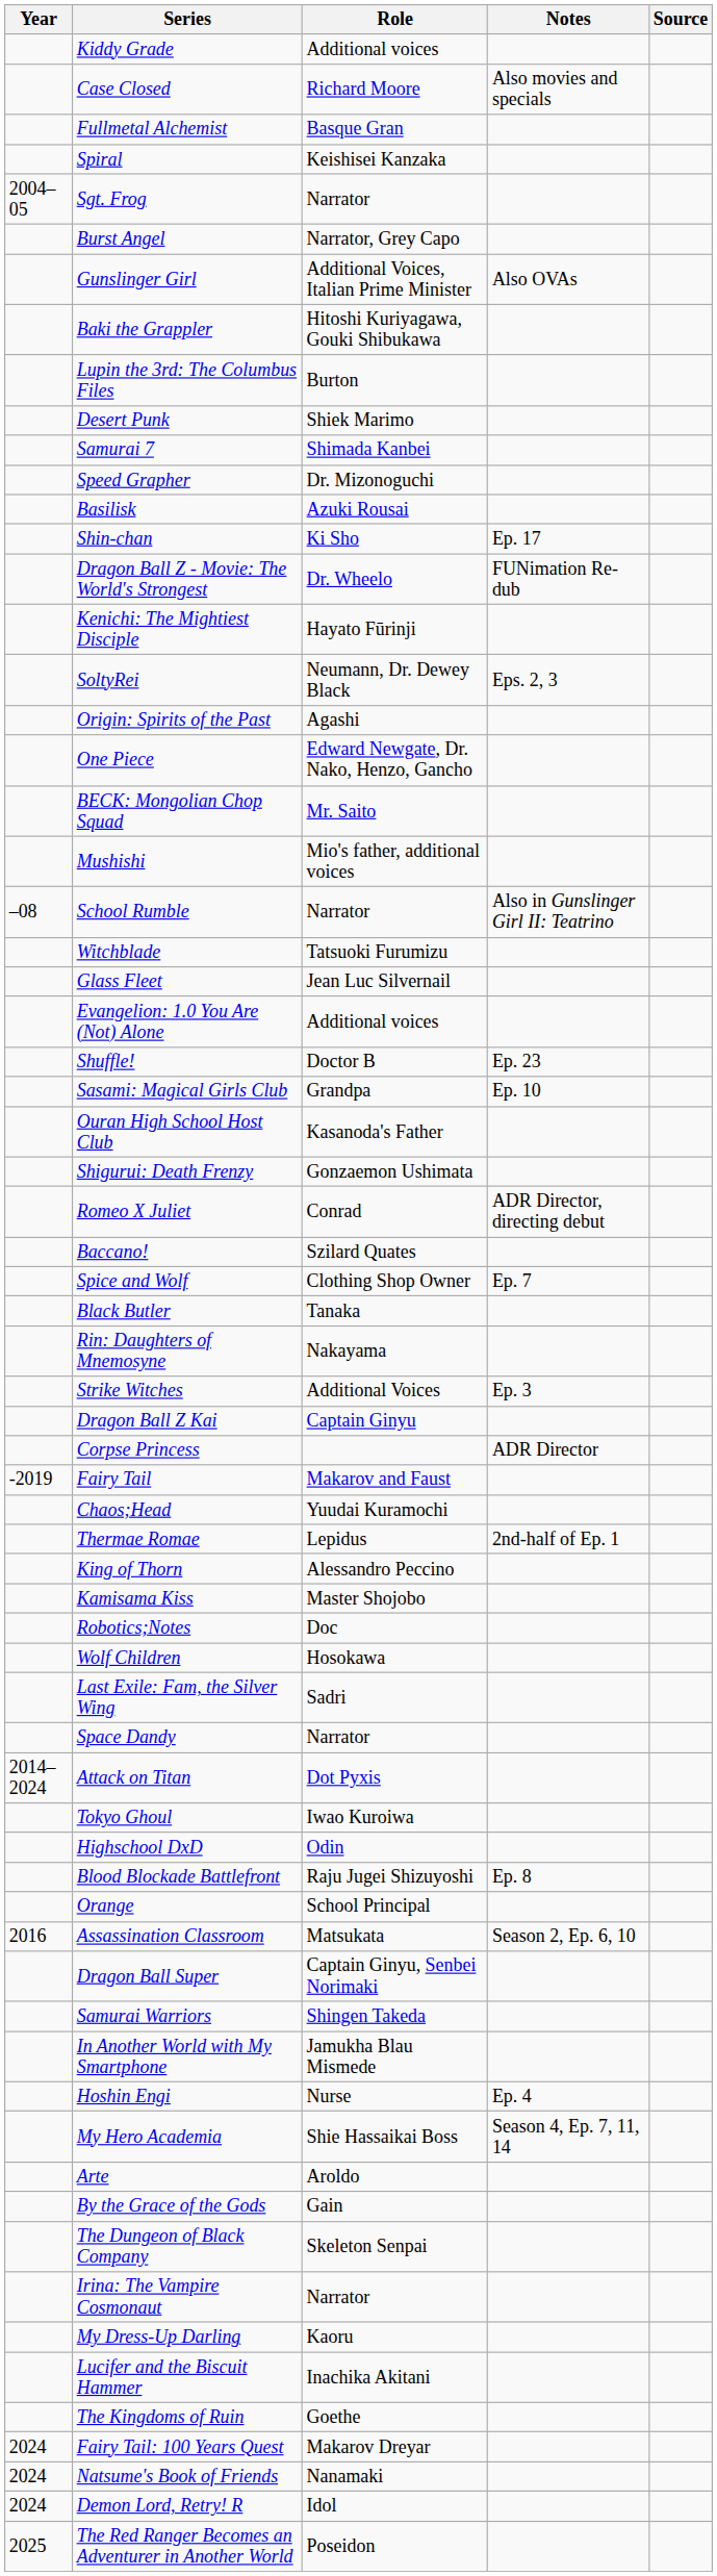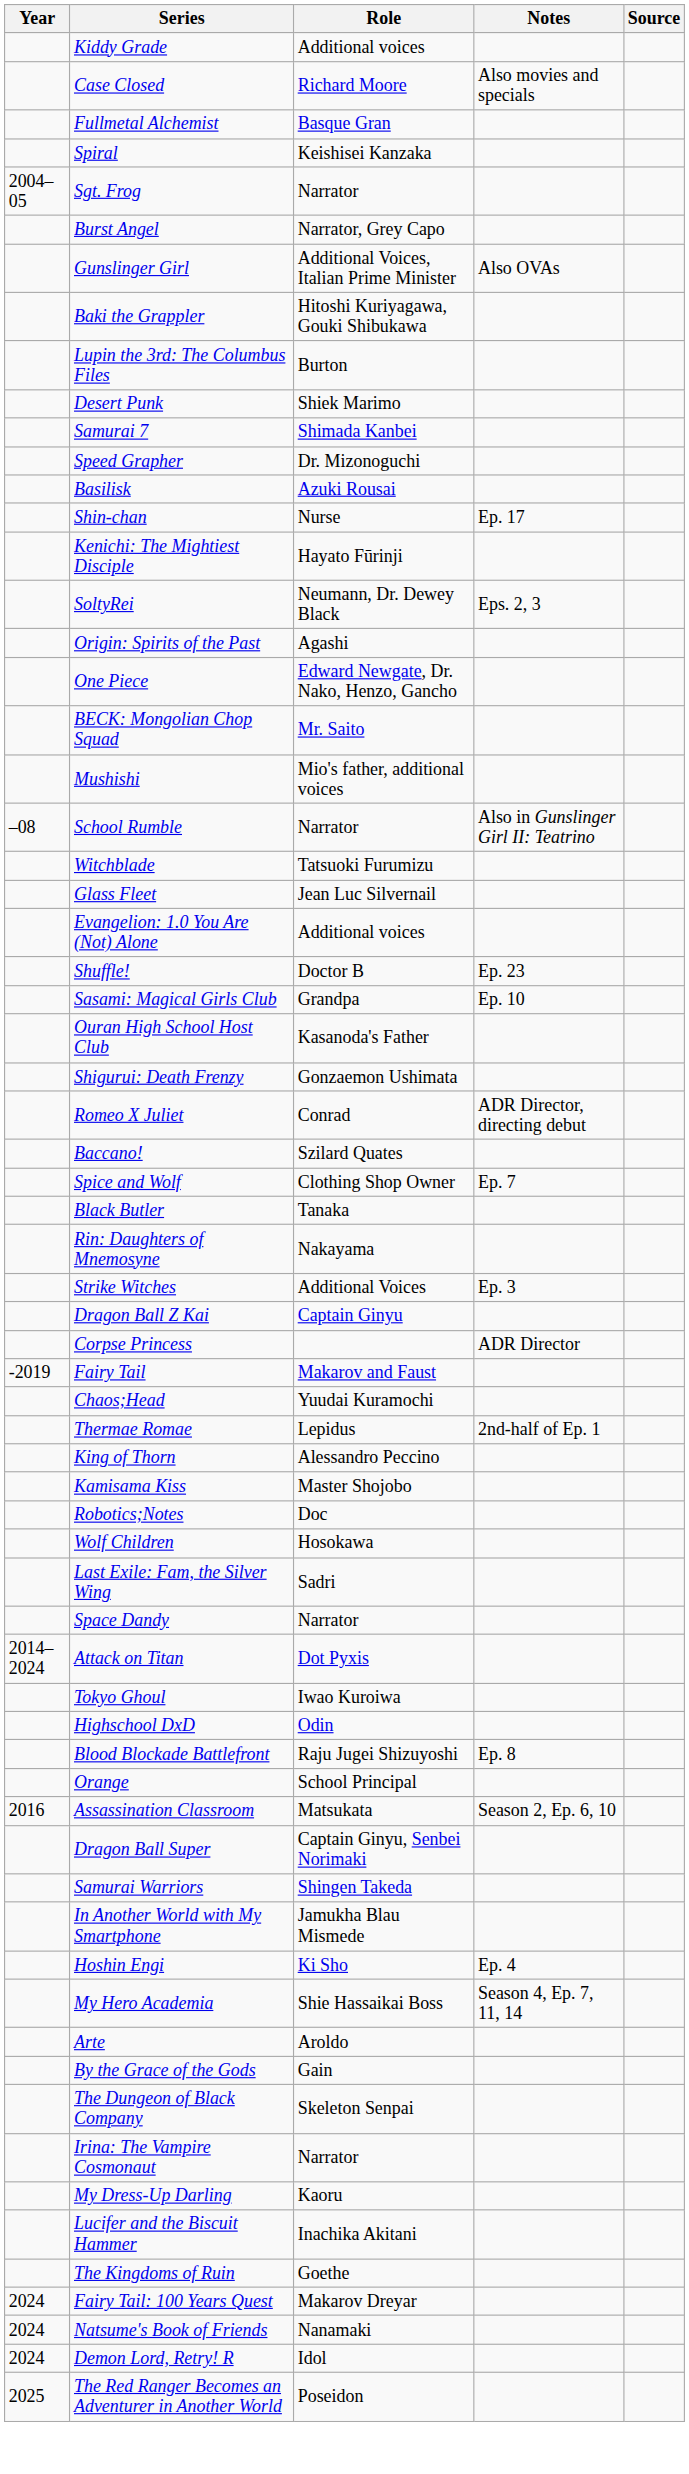 <table class="wikitable sortable plainrowheaders">
 <tr>
 <th>Year</th>
 <th>Series</th>
 <th>Role</th>
 <th class="unsortable">Notes</th>
 <th class="unsortable">Source</th>
 </tr>
 <tr>
 <td></td>
 <td><em><a href='#'>Kiddy Grade</a></em></td>
 <td>Additional voices</td>
 <td></td>
 <td></td>
 </tr>
 <tr>
 <td></td>
 <td><em><a href='#'>Case Closed</a></em></td>
 <td><a href='#'>Richard Moore</a></td>
 <td>Also movies and specials</td>
 <td></td>
 </tr>
 <tr>
 <td></td>
 <td><em><a href='#'>Fullmetal Alchemist</a></em></td>
 <td><a href='#'>Basque Gran</a></td>
 <td></td>
 <td></td>
 </tr>
 <tr>
 <td></td>
 <td><em><a href='#'>Spiral</a></em></td>
 <td>Keishisei Kanzaka</td>
 <td></td>
 <td></td>
 </tr>
 <tr>
 <td>2004–05</td>
 <td><em><a href='#'>Sgt. Frog</a></em></td>
 <td>Narrator</td>
 <td></td>
 <td></td>
 </tr>
 <tr>
 <td></td>
 <td><em><a href='#'>Burst Angel</a></em></td>
 <td>Narrator, Grey Capo</td>
 <td></td>
 </tr>
 <tr>
 <td></td>
 <td><em><a href='#'>Gunslinger Girl</a></em></td>
 <td>Additional Voices, Italian Prime Minister</td>
 <td>Also OVAs</td>
 <td></td>
 </tr>
 <tr>
 <td></td>
 <td><em><a href='#'>Baki the Grappler</a></em></td>
 <td>Hitoshi Kuriyagawa, Gouki Shibukawa</td>
 <td></td>
 <td></td>
 </tr>
 <tr>
 <td></td>
 <td><em><a href='#'>Lupin the 3rd: The Columbus Files</a></em></td>
 <td>Burton</td>
 <td></td>
 <td></td>
 </tr>
 <tr>
 <td></td>
 <td><em><a href='#'>Desert Punk</a></em></td>
 <td>Shiek Marimo</td>
 <td></td>
 <td></td>
 </tr>
 <tr>
 <td></td>
 <td><em><a href='#'>Samurai 7</a></em></td>
 <td><a href='#'>Shimada Kanbei</a></td>
 <td></td>
 <td></td>
 </tr>
 <tr>
 <td></td>
 <td><em><a href='#'>Speed Grapher</a></em></td>
 <td>Dr. Mizonoguchi</td>
 <td></td>
 <td></td>
 </tr>
 <tr>
 <td></td>
 <td><em><a href='#'>Basilisk</a></em></td>
 <td><a href='#'>Azuki Rousai</a></td>
 <td></td>
 <td></td>
 </tr>
 <tr>
 <td></td>
 <td><em><a href='#'>Shin-chan</a></em></td>
-<td><a href='#'>Ki Sho</a></td>
+<td>Nurse</td>
 <td>Ep. 17</td>
 <td><br></td>
-</tr>
-<tr>
-<td></td>
-<td><em><a href='#'>Dragon Ball Z - Movie: The World's Strongest</a></em></td>
-<td><a href='#'>Dr. Wheelo</a></td>
-<td>FUNimation Re-dub</td>
-<td></td>
 </tr>
 <tr>
 <td></td>
 <td><em><a href='#'>Kenichi: The Mightiest Disciple</a></em></td>
 <td>Hayato Fūrinji</td>
 <td></td>
 <td></td>
 </tr>
 <tr>
 <td></td>
 <td><em><a href='#'>SoltyRei</a></em></td>
 <td>Neumann, Dr. Dewey Black</td>
 <td>Eps. 2, 3</td>
 <td></td>
 </tr>
 <tr>
 <td></td>
 <td><em><a href='#'>Origin: Spirits of the Past</a></em></td>
 <td>Agashi</td>
 <td></td>
 <td></td>
 </tr>
 <tr>
 <td></td>
 <td><em><a href='#'>One Piece</a></em></td>
 <td><a href='#'>Edward Newgate</a>, Dr. Nako, Henzo, Gancho</td>
 <td></td>
 <td></td>
 </tr>
 <tr>
 <td></td>
 <td><em><a href='#'>BECK: Mongolian Chop Squad</a></em></td>
 <td><a href='#'>Mr. Saito</a></td>
 <td></td>
 <td></td>
 </tr>
 <tr>
 <td></td>
 <td><em><a href='#'>Mushishi</a></em></td>
 <td>Mio's father, additional voices</td>
 <td></td>
 <td></td>
 </tr>
 <tr>
 <td>–08</td>
 <td><em><a href='#'>School Rumble</a></em></td>
 <td>Narrator</td>
 <td>Also in <em>Gunslinger Girl II: Teatrino</em></td>
 <td></td>
 </tr>
 <tr>
 <td></td>
 <td><em><a href='#'>Witchblade</a></em></td>
 <td>Tatsuoki Furumizu</td>
 <td></td>
 <td></td>
 </tr>
 <tr>
 <td></td>
 <td><em><a href='#'>Glass Fleet</a></em></td>
 <td>Jean Luc Silvernail</td>
 <td></td>
 <td></td>
 </tr>
 <tr>
 <td></td>
 <td><em><a href='#'>Evangelion: 1.0 You Are (Not) Alone</a></em></td>
 <td>Additional voices</td>
 <td></td>
 <td></td>
 </tr>
 <tr>
 <td></td>
 <td><em><a href='#'>Shuffle!</a></em></td>
 <td>Doctor B</td>
 <td>Ep. 23</td>
 <td></td>
 </tr>
 <tr>
 <td></td>
 <td><em><a href='#'>Sasami: Magical Girls Club</a></em></td>
 <td>Grandpa</td>
 <td>Ep. 10</td>
 <td></td>
 </tr>
 <tr>
 <td></td>
 <td><em><a href='#'>Ouran High School Host Club</a></em></td>
 <td>Kasanoda's Father</td>
 <td></td>
 <td><br>  </td>
 </tr>
 <tr>
 <td></td>
 <td><em><a href='#'>Shigurui: Death Frenzy</a></em></td>
 <td>Gonzaemon Ushimata</td>
 <td></td>
 <td></td>
 </tr>
 <tr>
 <td></td>
 <td><em><a href='#'>Romeo X Juliet</a></em></td>
 <td>Conrad</td>
 <td>ADR Director, directing debut</td>
 <td></td>
 </tr>
 <tr>
 <td></td>
 <td><em><a href='#'>Baccano!</a></em></td>
 <td>Szilard Quates</td>
 <td></td>
 <td></td>
 </tr>
 <tr>
 <td></td>
 <td><em><a href='#'>Spice and Wolf</a></em></td>
 <td>Clothing Shop Owner</td>
 <td>Ep. 7</td>
 <td></td>
 </tr>
 <tr>
 <td></td>
 <td><em><a href='#'>Black Butler</a></em></td>
 <td>Tanaka</td>
 <td></td>
 <td></td>
 </tr>
 <tr>
 <td></td>
 <td><em><a href='#'>Rin: Daughters of Mnemosyne</a></em></td>
 <td>Nakayama</td>
 <td></td>
 <td></td>
 </tr>
 <tr>
 <td></td>
 <td><em><a href='#'>Strike Witches</a></em></td>
 <td>Additional Voices</td>
 <td>Ep. 3</td>
 <td></td>
 </tr>
 <tr>
 <td></td>
 <td><em><a href='#'>Dragon Ball Z Kai</a></em></td>
 <td><a href='#'>Captain Ginyu</a></td>
 <td></td>
 <td></td>
 </tr>
 <tr>
 <td></td>
 <td><em><a href='#'>Corpse Princess</a></em></td>
 <td></td>
 <td>ADR Director</td>
 <td></td>
 </tr>
 <tr>
 <td>-2019</td>
 <td><em><a href='#'>Fairy Tail</a></em></td>
 <td><a href='#'>Makarov and Faust</a></td>
 <td></td>
 <td></td>
 </tr>
 <tr>
 <td></td>
 <td><em><a href='#'>Chaos;Head</a></em></td>
 <td>Yuudai Kuramochi</td>
 <td></td>
 <td></td>
 </tr>
 <tr>
 <td></td>
 <td><em><a href='#'>Thermae Romae</a></em></td>
 <td>Lepidus</td>
 <td>2nd-half of Ep. 1</td>
 <td></td>
 </tr>
 <tr>
 <td></td>
 <td><em><a href='#'>King of Thorn</a></em></td>
 <td>Alessandro Peccino</td>
 <td></td>
 <td></td>
 </tr>
 <tr>
 <td></td>
 <td><em><a href='#'>Kamisama Kiss</a></em></td>
 <td>Master Shojobo</td>
 <td></td>
 <td></td>
 </tr>
 <tr>
 <td></td>
 <td><em><a href='#'>Robotics;Notes</a></em></td>
 <td>Doc</td>
 <td></td>
 <td></td>
 </tr>
 <tr>
 <td></td>
 <td><em><a href='#'>Wolf Children</a></em></td>
 <td>Hosokawa</td>
 <td></td>
 <td></td>
 </tr>
 <tr>
 <td></td>
 <td><em><a href='#'>Last Exile: Fam, the Silver Wing</a></em></td>
 <td>Sadri</td>
 <td></td>
 <td></td>
 </tr>
 <tr>
 <td></td>
 <td><em><a href='#'>Space Dandy</a></em></td>
 <td>Narrator</td>
 <td></td>
 <td></td>
 </tr>
 <tr>
 <td>2014–2024</td>
 <td><em><a href='#'>Attack on Titan</a></em></td>
 <td><a href='#'>Dot Pyxis</a></td>
 <td></td>
 <td></td>
 </tr>
 <tr>
 <td></td>
 <td><em><a href='#'>Tokyo Ghoul</a></em></td>
 <td>Iwao Kuroiwa</td>
 <td></td>
 <td></td>
 </tr>
 <tr>
 <td></td>
 <td><em><a href='#'>Highschool DxD</a></em></td>
 <td><a href='#'>Odin</a></td>
 <td></td>
 <td></td>
 </tr>
 <tr>
 <td></td>
 <td><em><a href='#'>Blood Blockade Battlefront</a></em></td>
 <td>Raju Jugei Shizuyoshi</td>
 <td>Ep. 8</td>
 <td></td>
 </tr>
 <tr>
 <td></td>
 <td><em><a href='#'>Orange</a></em></td>
 <td>School Principal</td>
 <td></td>
 <td></td>
 </tr>
 <tr>
 <td>2016</td>
 <td><em><a href='#'>Assassination Classroom</a></em></td>
 <td>Matsukata</td>
 <td>Season 2, Ep. 6, 10</td>
 <td></td>
 </tr>
 <tr>
 <td></td>
 <td><em><a href='#'>Dragon Ball Super</a></em></td>
 <td>Captain Ginyu, <a href='#'>Senbei Norimaki</a></td>
 <td></td>
 <td></td>
 </tr>
 <tr>
 <td></td>
 <td><em><a href='#'>Samurai Warriors</a></em></td>
 <td><a href='#'>Shingen Takeda</a></td>
 <td></td>
 <td></td>
 </tr>
 <tr>
 <td></td>
 <td><em><a href='#'>In Another World with My Smartphone</a></em></td>
 <td>Jamukha Blau Mismede</td>
 <td></td>
 <td></td>
 </tr>
 <tr>
 <td></td>
 <td><em><a href='#'>Hoshin Engi</a></em></td>
-<td>Nurse</td>
+<td><a href='#'>Ki Sho</a></td>
 <td>Ep. 4</td>
 <td></td>
 </tr>
 <tr>
 <td></td>
 <td><em><a href='#'>My Hero Academia</a></em></td>
 <td>Shie Hassaikai Boss</td>
 <td>Season 4, Ep. 7, 11, 14</td>
 <td></td>
 </tr>
 <tr>
 <td></td>
 <td><em><a href='#'>Arte</a></em></td>
 <td>Aroldo</td>
 <td></td>
 <td></td>
 </tr>
 <tr>
 <td></td>
 <td><em><a href='#'>By the Grace of the Gods</a></em></td>
 <td>Gain</td>
 <td></td>
 <td></td>
 </tr>
 <tr>
 <td></td>
 <td><em><a href='#'>The Dungeon of Black Company</a></em></td>
 <td>Skeleton Senpai</td>
 <td></td>
 <td></td>
 </tr>
 <tr>
 <td></td>
 <td><em><a href='#'>Irina: The Vampire Cosmonaut</a></em></td>
 <td>Narrator</td>
 <td></td>
 <td></td>
 </tr>
 <tr>
 <td></td>
 <td><em><a href='#'>My Dress-Up Darling</a></em></td>
 <td>Kaoru</td>
 <td></td>
 <td></td>
 </tr>
 <tr>
 <td></td>
 <td><em><a href='#'>Lucifer and the Biscuit Hammer</a></em></td>
 <td>Inachika Akitani</td>
 <td></td>
 <td></td>
 </tr>
 <tr>
 <td></td>
 <td><em><a href='#'>The Kingdoms of Ruin</a></em></td>
 <td>Goethe</td>
 <td></td>
 <td></td>
 </tr>
 <tr>
 <td>2024</td>
 <td><em><a href='#'>Fairy Tail: 100 Years Quest</a></em></td>
 <td>Makarov Dreyar</td>
 <td></td>
 <td></td>
 </tr>
 <tr>
 <td>2024</td>
 <td><em><a href='#'>Natsume's Book of Friends</a></em></td>
 <td>Nanamaki</td>
 <td></td>
 <td></td>
 </tr>
 <tr>
 <td>2024</td>
 <td><em><a href='#'>Demon Lord, Retry! R</a></em></td>
 <td>Idol</td>
 <td></td>
 <td></td>
 </tr>
 <tr>
 <td>2025</td>
 <td><em><a href='#'>The Red Ranger Becomes an Adventurer in Another World</a></em></td>
 <td>Poseidon</td>
 <td></td>
 <td></td>
 </tr>
 </table>
